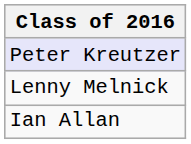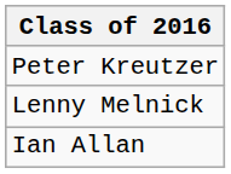 <table class="wikitable" border="1">
 <tr>
 <th>Class of 2016</th>
 </tr>
 <tr>
-<td style="background: lavender;">Peter Kreutzer</td>
+<td>Peter Kreutzer</td>
 </tr>
 <tr>
 <td>Lenny Melnick</td>
 </tr>
 <tr>
 <td>Ian Allan</td>
 </tr>
 </table>
